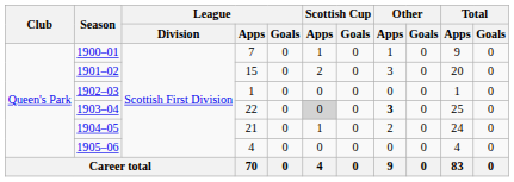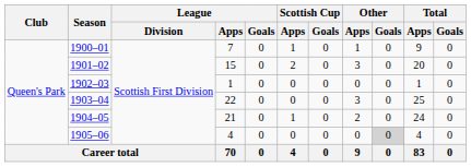 <table class="wikitable" style="text-align: center;">
 <tr>
 <th rowspan="2">Club</th>
 <th rowspan="2">Season</th>
 <th colspan="3">League</th>
 <th colspan="2">Scottish Cup</th>
 <th colspan="2">Other</th>
 <th colspan="2">Total</th>
 </tr>
 <tr>
 <th>Division</th>
 <th>Apps</th>
 <th>Goals</th>
 <th>Apps</th>
 <th>Goals</th>
 <th>Apps</th>
 <th>Goals</th>
 <th>Apps</th>
 <th>Goals</th>
 </tr>
 <tr>
 <td rowspan="6"><a href='#'>Queen's Park</a></td>
 <td><a href='#'>1900–01</a></td>
 <td rowspan="6"><a href='#'>Scottish First Division</a></td>
 <td>7</td>
 <td>0</td>
 <td>1</td>
 <td>0</td>
 <td>1</td>
 <td>0</td>
 <td>9</td>
 <td>0</td>
 </tr>
 <tr>
 <td><a href='#'>1901–02</a></td>
 <td>15</td>
 <td>0</td>
 <td>2</td>
 <td>0</td>
 <td>3</td>
 <td>0</td>
 <td>20</td>
 <td>0</td>
 </tr>
 <tr>
 <td><a href='#'>1902–03</a></td>
 <td>1</td>
 <td>0</td>
 <td>0</td>
 <td>0</td>
 <td>0</td>
 <td>0</td>
 <td>1</td>
 <td>0</td>
 </tr>
 <tr>
 <td><a href='#'>1903–04</a></td>
 <td>22</td>
 <td>0</td>
-<td style="background: lightgrey;">0</td>
 <td>0</td>
-<td><strong>3</strong></td>
+<td>0</td>
+<td>3</td>
 <td>0</td>
 <td>25</td>
 <td>0</td>
 </tr>
 <tr>
 <td><a href='#'>1904–05</a></td>
 <td>21</td>
 <td>0</td>
 <td>1</td>
 <td>0</td>
 <td>2</td>
 <td>0</td>
 <td>24</td>
 <td>0</td>
 </tr>
 <tr>
 <td><a href='#'>1905–06</a></td>
 <td>4</td>
 <td>0</td>
 <td>0</td>
 <td>0</td>
 <td>0</td>
-<td>0</td>
+<td style="background: lightgrey;">0</td>
 <td>4</td>
 <td>0</td>
 </tr>
 <tr>
 <th colspan="3">Career total</th>
 <th>70</th>
 <th>0</th>
 <th>4</th>
 <th>0</th>
 <th>9</th>
 <th>0</th>
 <th>83</th>
 <th>0</th>
 </tr>
 </table>
